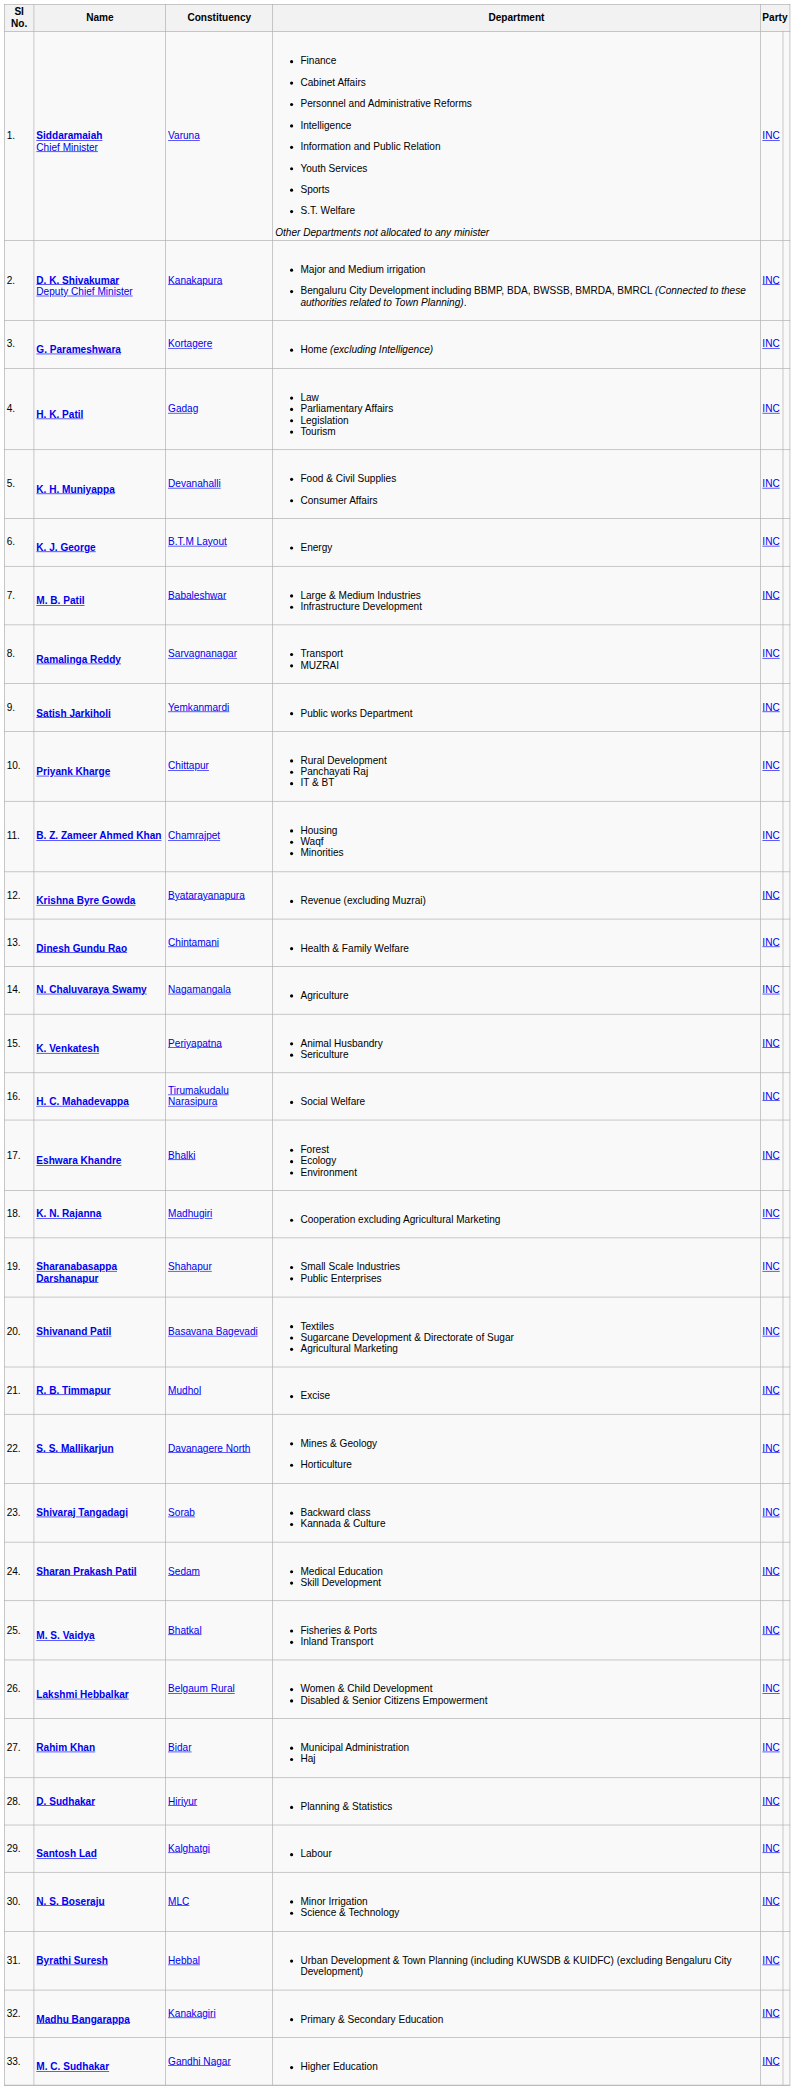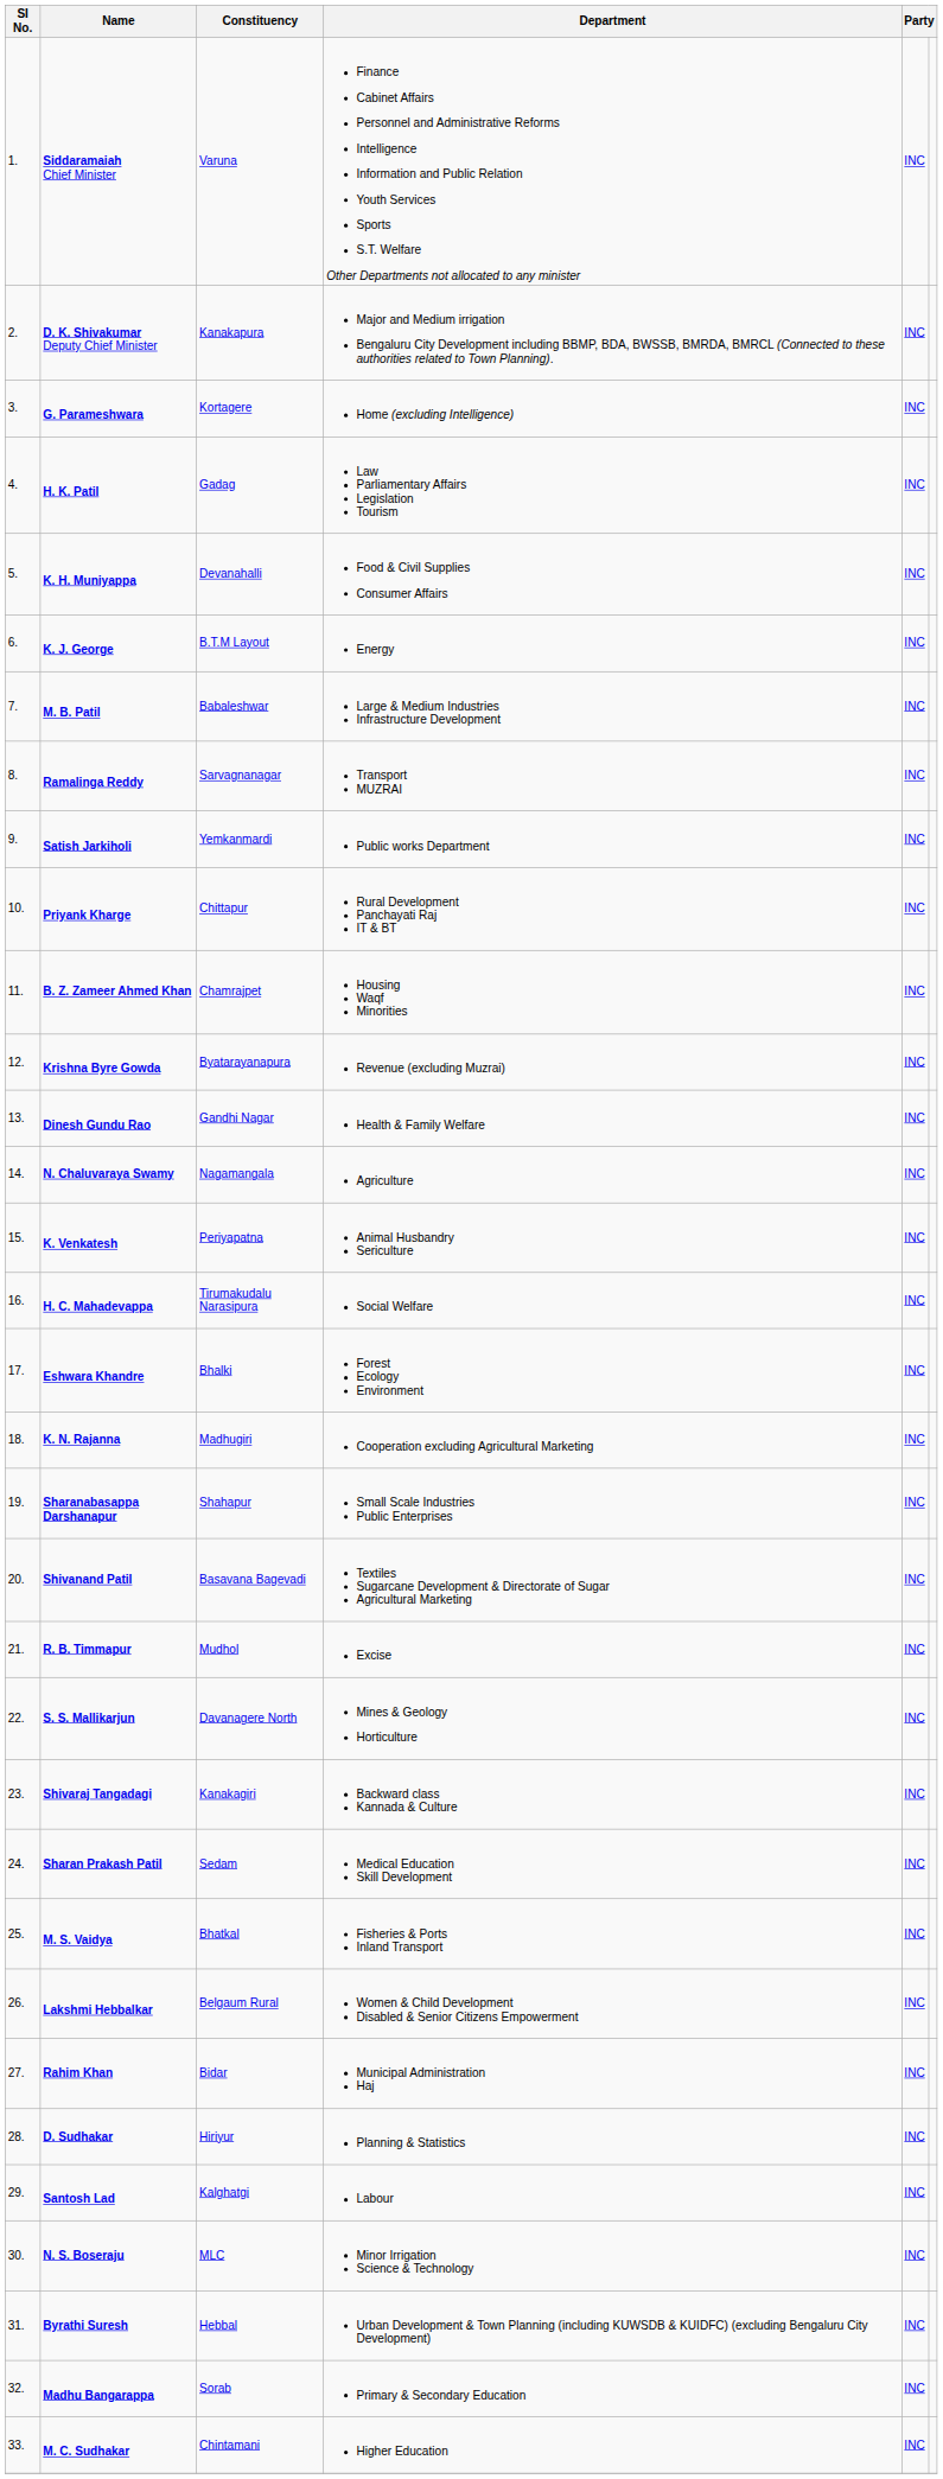 <table class="wikitable">
 <tr>
 <th>SI No.</th>
 <th>Name</th>
 <th>Constituency</th>
 <th>Department</th>
 <th colspan="2" scope="col">Party</th>
 </tr>
 <tr>
 <td>1.</td>
 <td> <br> <strong><a href='#'>Siddaramaiah</a></strong><br><a href='#'>Chief Minister</a></td>
 <td><a href='#'>Varuna</a></td>
 <td><br><ul><li>Finance</li></ul><ul><li>Cabinet Affairs</li></ul><ul><li>Personnel and Administrative Reforms</li></ul><ul><li>Intelligence</li></ul><ul><li>Information and Public Relation</li></ul><ul><li>Youth Services</li></ul><ul><li>Sports</li></ul><ul><li>S.T. Welfare</li></ul><em>Other Departments not allocated to any minister</em></td>
 <td><a href='#'>INC</a></td>
 <td width="4px" style="background-color: "></td>
 </tr>
 <tr>
 <td>2.</td>
 <td> <br> <strong><a href='#'>D. K. Shivakumar</a></strong><br><a href='#'>Deputy Chief Minister</a></td>
 <td><a href='#'>Kanakapura</a></td>
 <td><br><ul><li>Major and Medium irrigation</li></ul><ul><li>Bengaluru City Development including BBMP, BDA, BWSSB, BMRDA, BMRCL <em>(Connected to these authorities related to Town Planning)</em>.</li></ul></td>
 <td><a href='#'>INC</a></td>
 <td width="4px" style="background-color: "></td>
 </tr>
 <tr>
 <td>3.</td>
 <td>  <br> <strong><a href='#'>G. Parameshwara</a></strong></td>
 <td><a href='#'>Kortagere</a></td>
 <td><br><ul><li>Home <em>(excluding Intelligence)</em></li></ul></td>
 <td><a href='#'>INC</a></td>
 <td width="4px" style="background-color: "></td>
 </tr>
 <tr>
 <td>4.</td>
 <td><br><strong><a href='#'>H. K. Patil</a></strong></td>
 <td><a href='#'>Gadag</a></td>
 <td><br><ul><li>Law</li><li>Parliamentary Affairs</li><li>Legislation</li><li>Tourism</li></ul></td>
 <td><a href='#'>INC</a></td>
 <td width="4px" style="background-color: "></td>
 </tr>
 <tr>
 <td>5.</td>
 <td>  <br><strong><a href='#'>K. H. Muniyappa</a></strong></td>
 <td><a href='#'>Devanahalli</a></td>
 <td><br><ul><li>Food & Civil Supplies</li></ul><ul><li>Consumer Affairs</li></ul></td>
 <td><a href='#'>INC</a></td>
 <td width="4px" style="background-color: "></td>
 </tr>
 <tr>
 <td>6.</td>
 <td>  <br><strong><a href='#'>K. J. George</a></strong></td>
 <td><a href='#'>B.T.M Layout</a></td>
 <td><br><ul><li>Energy</li></ul></td>
 <td><a href='#'>INC</a></td>
 <td width="4px" style="background-color: "></td>
 </tr>
 <tr>
 <td>7.</td>
 <td><br> <strong><a href='#'>M. B. Patil</a></strong></td>
 <td><a href='#'>Babaleshwar</a></td>
 <td><br><ul><li>Large & Medium Industries</li><li>Infrastructure Development</li></ul></td>
 <td><a href='#'>INC</a></td>
 <td width="4px" style="background-color: "></td>
 </tr>
 <tr>
 <td>8.</td>
 <td> <br><strong><a href='#'>Ramalinga Reddy</a></strong></td>
 <td><a href='#'>Sarvagnanagar</a></td>
 <td><br><ul><li>Transport</li><li>MUZRAI</li></ul></td>
 <td><a href='#'>INC</a></td>
 <td width="4px" style="background-color: "></td>
 </tr>
 <tr>
 <td>9.</td>
 <td>  <br><strong><a href='#'>Satish Jarkiholi</a></strong></td>
 <td><a href='#'>Yemkanmardi</a></td>
 <td><br><ul><li>Public works Department</li></ul></td>
 <td><a href='#'>INC</a></td>
 <td width="4px" style="background-color: "></td>
 </tr>
 <tr>
 <td>10.</td>
 <td><br><strong><a href='#'>Priyank Kharge</a></strong></td>
 <td><a href='#'>Chittapur</a></td>
 <td><br><ul><li>Rural Development</li><li>Panchayati Raj</li><li>IT & BT</li></ul></td>
 <td><a href='#'>INC</a></td>
 <td width="4px" style="background-color: "></td>
 </tr>
 <tr>
 <td>11.</td>
 <td><strong><a href='#'>B. Z. Zameer Ahmed Khan</a></strong></td>
 <td><a href='#'>Chamrajpet</a></td>
 <td><br><ul><li>Housing</li><li>Waqf</li><li>Minorities</li></ul></td>
 <td><a href='#'>INC</a></td>
 <td width="4px" style="background-color: "></td>
 </tr>
 <tr>
 <td>12.</td>
 <td><br><strong><a href='#'>Krishna Byre Gowda</a></strong></td>
 <td><a href='#'>Byatarayanapura</a></td>
 <td><br><ul><li>Revenue (excluding Muzrai)</li></ul></td>
 <td><a href='#'>INC</a></td>
 <td width="4px" style="background-color: "></td>
 </tr>
 <tr>
 <td>13.</td>
 <td><br><strong><a href='#'>Dinesh Gundu Rao</a></strong></td>
-<td><a href='#'>Chintamani</a></td>
+<td><a href='#'>Gandhi Nagar</a></td>
 <td><br><ul><li>Health & Family Welfare</li></ul></td>
 <td><a href='#'>INC</a></td>
 <td width="4px" style="background-color: "></td>
 </tr>
 <tr>
 <td>14.</td>
 <td><strong><a href='#'>N. Chaluvaraya Swamy</a></strong></td>
 <td><a href='#'>Nagamangala</a></td>
 <td><br><ul><li>Agriculture</li></ul></td>
 <td><a href='#'>INC</a></td>
 <td width="4px" style="background-color: "></td>
 </tr>
 <tr>
 <td>15.</td>
 <td><br><strong><a href='#'>K. Venkatesh</a></strong></td>
 <td><a href='#'>Periyapatna</a></td>
 <td><br><ul><li>Animal Husbandry</li><li>Sericulture</li></ul></td>
 <td><a href='#'>INC</a></td>
 <td width="4px" style="background-color: "></td>
 </tr>
 <tr>
 <td>16.</td>
 <td><br><strong><a href='#'>H. C. Mahadevappa</a></strong></td>
 <td><a href='#'>Tirumakudalu Narasipura</a></td>
 <td><br><ul><li>Social Welfare</li></ul></td>
 <td><a href='#'>INC</a></td>
 <td width="4px" style="background-color: "></td>
 </tr>
 <tr>
 <td>17.</td>
 <td><br><strong><a href='#'>Eshwara Khandre</a></strong></td>
 <td><a href='#'>Bhalki</a></td>
 <td><br><ul><li>Forest</li><li>Ecology</li><li>Environment</li></ul></td>
 <td><a href='#'>INC</a></td>
 <td width="4px" style="background-color: "></td>
 </tr>
 <tr>
 <td>18.</td>
 <td><strong><a href='#'>K. N. Rajanna</a></strong></td>
 <td><a href='#'>Madhugiri</a></td>
 <td><br><ul><li>Cooperation excluding Agricultural Marketing</li></ul></td>
 <td><a href='#'>INC</a></td>
 <td width="4px" style="background-color: "></td>
 </tr>
 <tr>
 <td>19.</td>
 <td><br><strong><a href='#'>Sharanabasappa Darshanapur</a></strong></td>
 <td><a href='#'>Shahapur</a></td>
 <td><br><ul><li>Small Scale Industries</li><li>Public Enterprises</li></ul></td>
 <td><a href='#'>INC</a></td>
 <td width="4px" style="background-color: "></td>
 </tr>
 <tr>
 <td>20.</td>
 <td><strong><a href='#'>Shivanand Patil</a></strong></td>
 <td><a href='#'>Basavana Bagevadi</a></td>
 <td><br><ul><li>Textiles</li><li>Sugarcane Development & Directorate of Sugar</li><li>Agricultural Marketing</li></ul></td>
 <td><a href='#'>INC</a></td>
 <td width="4px" style="background-color: "></td>
 </tr>
 <tr>
 <td>21.</td>
 <td><strong><a href='#'>R. B. Timmapur</a></strong></td>
 <td><a href='#'>Mudhol</a></td>
 <td><br><ul><li>Excise</li></ul></td>
 <td><a href='#'>INC</a></td>
 <td width="4px" style="background-color: "></td>
 </tr>
 <tr>
 <td>22.</td>
 <td><strong><a href='#'>S. S. Mallikarjun</a></strong></td>
 <td><a href='#'>Davanagere North</a></td>
 <td><br><ul><li>Mines & Geology</li></ul><ul><li>Horticulture</li></ul></td>
 <td><a href='#'>INC</a></td>
 <td width="4px" style="background-color: "></td>
 </tr>
 <tr>
 <td>23.</td>
 <td><strong><a href='#'>Shivaraj Tangadagi</a></strong></td>
-<td><a href='#'>Sorab</a></td>
+<td><a href='#'>Kanakagiri</a></td>
 <td><br><ul><li>Backward class</li><li>Kannada & Culture</li></ul></td>
 <td><a href='#'>INC</a></td>
 <td width="4px" style="background-color: "></td>
 </tr>
 <tr>
 <td>24.</td>
 <td><strong><a href='#'>Sharan Prakash Patil</a></strong></td>
 <td><a href='#'>Sedam</a></td>
 <td><br><ul><li>Medical Education</li><li>Skill Development</li></ul></td>
 <td><a href='#'>INC</a></td>
 <td width="4px" style="background-color: "></td>
 </tr>
 <tr>
 <td>25.</td>
 <td><br><strong><a href='#'>M. S. Vaidya</a></strong></td>
 <td><a href='#'>Bhatkal</a></td>
 <td><br><ul><li>Fisheries & Ports</li><li>Inland Transport</li></ul></td>
 <td><a href='#'>INC</a></td>
 <td width="4px" style="background-color: "></td>
 </tr>
 <tr>
 <td>26.</td>
 <td><br><strong><a href='#'>Lakshmi Hebbalkar</a></strong></td>
 <td><a href='#'>Belgaum Rural</a></td>
 <td><br><ul><li>Women & Child Development</li><li>Disabled & Senior Citizens Empowerment</li></ul></td>
 <td><a href='#'>INC</a></td>
 <td width="4px" style="background-color: "></td>
 </tr>
 <tr>
 <td>27.</td>
 <td><strong><a href='#'>Rahim Khan</a></strong></td>
 <td><a href='#'>Bidar</a></td>
 <td><br><ul><li>Municipal Administration</li><li>Haj</li></ul></td>
 <td><a href='#'>INC</a></td>
 <td width="4px" style="background-color: "></td>
 </tr>
 <tr>
 <td>28.</td>
 <td><strong><a href='#'>D. Sudhakar</a></strong></td>
 <td><a href='#'>Hiriyur</a></td>
 <td><br><ul><li>Planning & Statistics</li></ul></td>
 <td><a href='#'>INC</a></td>
 <td width="4px" style="background-color: "></td>
 </tr>
 <tr>
 <td>29.</td>
 <td><br><strong><a href='#'>Santosh Lad</a></strong></td>
 <td><a href='#'>Kalghatgi</a></td>
 <td><br><ul><li>Labour</li></ul></td>
 <td><a href='#'>INC</a></td>
 <td width="4px" style="background-color: "></td>
 </tr>
 <tr>
 <td>30.</td>
 <td><strong><a href='#'>N. S. Boseraju</a></strong></td>
 <td><a href='#'>MLC</a></td>
 <td><br><ul><li>Minor Irrigation</li><li>Science & Technology</li></ul></td>
 <td><a href='#'>INC</a></td>
 <td width="4px" style="background-color: "></td>
 </tr>
 <tr>
 <td>31.</td>
 <td><strong><a href='#'>Byrathi Suresh</a></strong></td>
 <td><a href='#'>Hebbal</a></td>
 <td><br><ul><li>Urban Development & Town Planning (including KUWSDB & KUIDFC) (excluding Bengaluru City Development)</li></ul></td>
 <td><a href='#'>INC</a></td>
 <td width="4px" style="background-color: "></td>
 </tr>
 <tr>
 <td>32.</td>
 <td><br><strong><a href='#'>Madhu Bangarappa</a></strong></td>
-<td><a href='#'>Kanakagiri</a></td>
+<td><a href='#'>Sorab</a></td>
 <td><br><ul><li>Primary & Secondary Education</li></ul></td>
 <td><a href='#'>INC</a></td>
 <td width="4px" style="background-color: "></td>
 </tr>
 <tr>
 <td>33.</td>
 <td><br><strong><a href='#'>M. C. Sudhakar</a></strong></td>
-<td><a href='#'>Gandhi Nagar</a></td>
+<td><a href='#'>Chintamani</a></td>
 <td><br><ul><li>Higher Education</li></ul></td>
 <td><a href='#'>INC</a></td>
 <td width="4px" style="background-color: "></td>
 </tr>
 <tr>
 </tr>
 </table>
